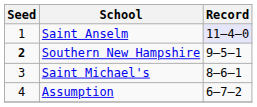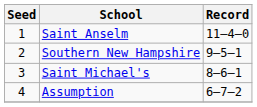 <table class="wikitable">
 <tr>
 <th>Seed</th>
 <th>School</th>
 <th>Record</th>
 </tr>
 <tr>
 <td align=center>1</td>
 <td><a href='#'>Saint Anselm</a></td>
-<td style="background: lavender;">11–4–0</td>
+<td>11–4–0</td>
 </tr>
 <tr>
-<td align=center><strong>2</strong></td>
+<td align=center>2</td>
 <td><a href='#'>Southern New Hampshire</a></td>
 <td>9–5–1</td>
 </tr>
 <tr>
 <td align=center>3</td>
 <td><a href='#'>Saint Michael's</a></td>
 <td>8–6–1</td>
 </tr>
 <tr>
 <td align=center>4</td>
 <td><a href='#'>Assumption</a></td>
 <td>6–7–2</td>
 </tr>
 <tr>
 </tr>
 </table>
